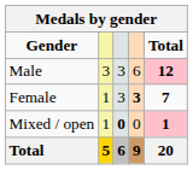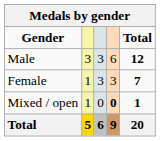 <table class="wikitable" style="text-align:center;font-size:90%">
 <tr style="background:#efefef;">
 <th colspan=7><strong>Medals by gender</strong></th>
 </tr>
 <tr>
 <td><strong>Gender</strong></td>
 <td bgcolor=#f7f6a8></td>
 <td bgcolor=#dce5e5></td>
 <td bgcolor=#ffdab9></td>
 <td><strong>Total</strong></td>
 </tr>
 <tr>
 <td style="text-align:left;">Male</td>
 <td style="background:#F7F6A8;">3</td>
 <td style="background:#DCE5E5;">3</td>
 <td style="background:#FFDAB9;">6</td>
-<td style="background: pink;"><strong>12</strong></td>
+<td><strong>12</strong></td>
 </tr>
 <tr>
 <td style="text-align:left;">Female</td>
 <td style="background:#F7F6A8;">1</td>
 <td style="background:#DCE5E5;">3</td>
-<td style="background:#FFDAB9;"><strong>3</strong></td>
+<td style="background:#FFDAB9;">3</td>
 <td><strong>7</strong></td>
 </tr>
 <tr>
 <td style="text-align:left;">Mixed / open</td>
 <td style="background:#F7F6A8;">1</td>
-<td style="background:#DCE5E5;"><strong>0</strong></td>
-<td style="background:#FFDAB9;">0</td>
-<td style="background: pink;"><strong>1</strong></td>
+<td style="background:#DCE5E5;">0</td>
+<td style="background:#FFDAB9;"><strong>0</strong></td>
+<td><strong>1</strong></td>
 </tr>
 <tr>
 <th style="text-align:left;"><strong>Total</strong></th>
 <th style="background:gold;"><strong>5</strong></th>
 <th style="background:silver;"><strong>6</strong></th>
 <th style="background:#c96;"><strong>9</strong></th>
 <th><strong>20</strong></th>
 </tr>
 </table>
